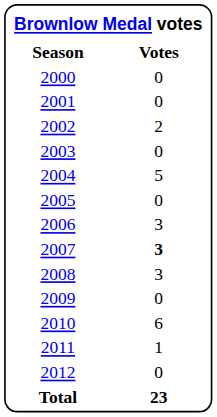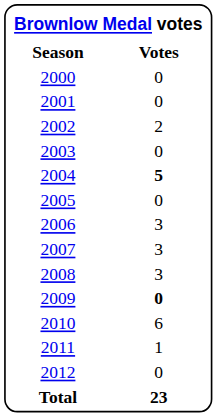 <table style="margin-right:4px; margin-top:8px; float:right; border:1px #000 solid; border-radius:8px; background:#fff; font-family:Verdana; font-size:8pt; text-align:center;">
 <tr style="background:#fff;">
 <td style="padding:3px; margin-bottom:-3px; margin-top:2px; font-family:Arial; " colspan="2"><strong><a href='#'>Brownlow Medal</a> votes</strong></td>
 </tr>
 <tr>
 <th style="width:50%;">Season</th>
 <th style="width:50%;">Votes</th>
 </tr>
 <tr>
 <td><a href='#'>2000</a></td>
 <td>0</td>
 </tr>
 <tr>
 <td><a href='#'>2001</a></td>
 <td>0</td>
 </tr>
 <tr>
 <td><a href='#'>2002</a></td>
 <td>2</td>
 </tr>
 <tr>
 <td><a href='#'>2003</a></td>
 <td>0</td>
 </tr>
 <tr>
 <td><a href='#'>2004</a></td>
-<td>5</td>
+<td><strong>5</strong></td>
 </tr>
 <tr>
 <td><a href='#'>2005</a></td>
 <td>0</td>
 </tr>
 <tr>
 <td><a href='#'>2006</a></td>
 <td>3</td>
 </tr>
 <tr>
 <td><a href='#'>2007</a></td>
-<td><strong>3</strong></td>
+<td>3</td>
 </tr>
 <tr>
 <td><a href='#'>2008</a></td>
 <td>3</td>
 </tr>
 <tr>
 <td><a href='#'>2009</a></td>
-<td>0</td>
+<td><strong>0</strong></td>
 </tr>
 <tr>
 <td><a href='#'>2010</a></td>
 <td>6</td>
 </tr>
 <tr>
 <td><a href='#'>2011</a></td>
 <td>1</td>
 </tr>
 <tr>
 <td><a href='#'>2012</a></td>
 <td>0</td>
 </tr>
 <tr>
 <td><strong>Total</strong></td>
 <td><strong>23</strong></td>
 </tr>
 </table>
